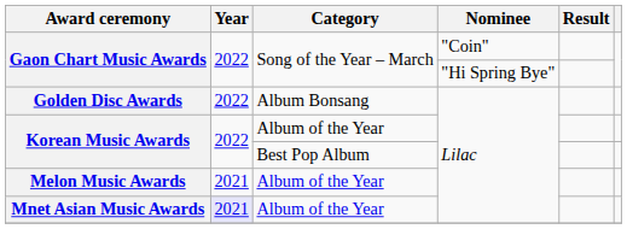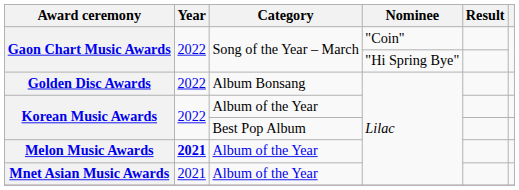 <table class="wikitable sortable plainrowheaders">
 <tr>
 <th scope="col">Award ceremony</th>
 <th scope="col">Year</th>
 <th scope="col">Category</th>
 <th scope="col">Nominee</th>
 <th scope="col">Result</th>
 <th class="unsortable" scope="col"></th>
 </tr>
 <tr>
 <th scope="row" rowspan="2"><a href='#'>Gaon Chart Music Awards</a></th>
 <td style="text-align:center" rowspan="2"><a href='#'>2022</a></td>
 <td rowspan="2">Song of the Year – March</td>
 <td>"Coin"</td>
 <td></td>
 <td rowspan="2" style="text-align:center"></td>
 </tr>
 <tr>
 <td>"Hi Spring Bye"</td>
 <td></td>
 </tr>
 <tr>
 <th scope="row"><a href='#'>Golden Disc Awards</a></th>
 <td style="text-align:center"><a href='#'>2022</a></td>
 <td>Album Bonsang</td>
 <td rowspan="5"><em>Lilac</em></td>
 <td></td>
 <td style="text-align:center"></td>
 </tr>
 <tr>
 <th rowspan="2" scope="row"><a href='#'>Korean Music Awards</a></th>
 <td rowspan="2" style="text-align:center"><a href='#'>2022</a></td>
 <td>Album of the Year</td>
 <td></td>
 <td style="text-align:center"></td>
 </tr>
 <tr>
 <td>Best Pop Album</td>
 <td></td>
 <td style="text-align:center"></td>
 </tr>
 <tr>
 <th scope="row"><a href='#'>Melon Music Awards</a></th>
-<td style="text-align:center"><a href='#'>2021</a></td>
+<td style="text-align:center"><strong><a href='#'>2021</a></strong></td>
 <td><a href='#'>Album of the Year</a></td>
 <td></td>
 <td style="text-align:center"></td>
 </tr>
 <tr>
 <th scope="row"><a href='#'>Mnet Asian Music Awards</a></th>
-<td style="background: lavender; text-align:center"><a href='#'>2021</a></td>
+<td style="text-align:center"><a href='#'>2021</a></td>
 <td><a href='#'>Album of the Year</a></td>
 <td></td>
 <td style="text-align:center"></td>
 </tr>
 <tr>
 </tr>
 </table>
